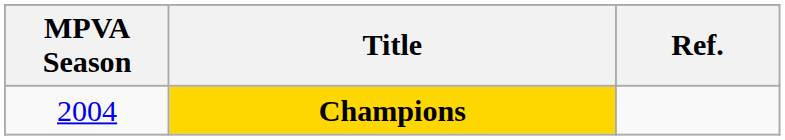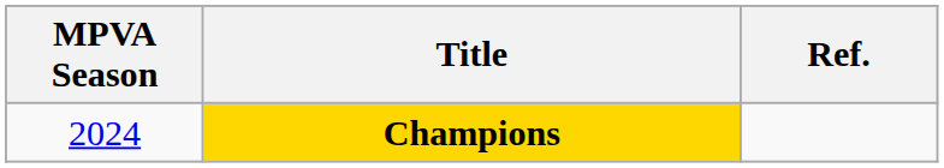 <table class="wikitable">
 <tr>
 <th width=80px>MPVA Season</th>
 <th width=230px>Title</th>
 <th width=80px>Ref.</th>
 </tr>
 <tr align=center>
-<td><a href='#'>2004</a></td>
+<td><a href='#'>2024</a></td>
 <td style="background: gold;"><strong>Champions</strong></td>
 <td></td>
 </tr>
 </table>
